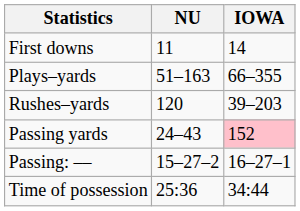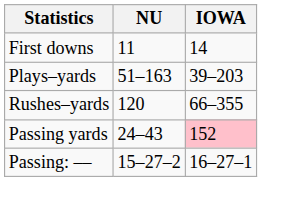 <table class="wikitable" style="float:left">
 <tr>
 <th>Statistics</th>
 <th>NU</th>
 <th>IOWA</th>
 </tr>
 <tr>
 <td>First downs</td>
 <td>11</td>
 <td>14</td>
 </tr>
 <tr>
 <td>Plays–yards</td>
 <td>51–163</td>
-<td>66–355</td>
+<td>39–203</td>
 </tr>
 <tr>
 <td>Rushes–yards</td>
 <td>120</td>
-<td>39–203</td>
+<td>66–355</td>
 </tr>
 <tr>
 <td>Passing yards</td>
 <td>24–43</td>
 <td style="background: pink;">152</td>
 </tr>
 <tr>
 <td>Passing: ––</td>
 <td>15–27–2</td>
 <td>16–27–1</td>
 </tr>
-<tr>
-<td>Time of possession</td>
-<td>25:36</td>
-<td>34:44</td>
-</tr>
 </table>
